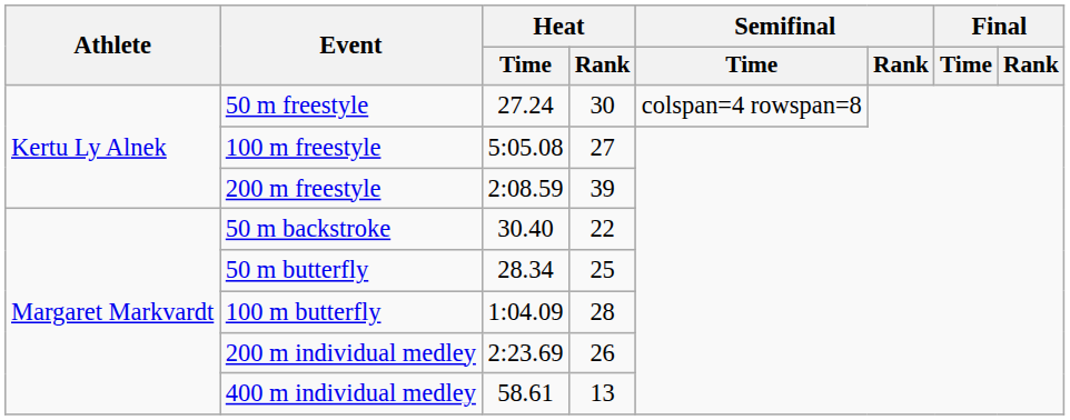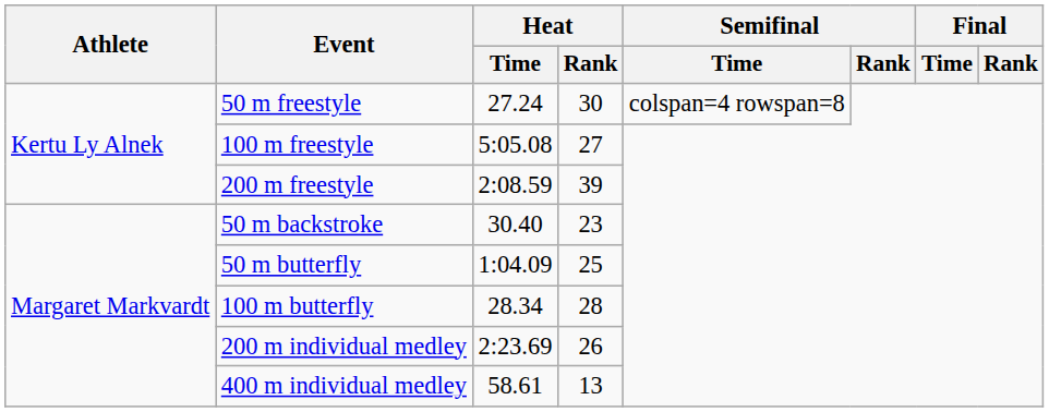 <table class=wikitable style="font-size:90%">
 <tr>
 <th rowspan="2">Athlete</th>
 <th rowspan="2">Event</th>
 <th colspan="2">Heat</th>
 <th colspan="2">Semifinal</th>
 <th colspan="2">Final</th>
 </tr>
 <tr style="font-size:95%">
 <th>Time</th>
 <th>Rank</th>
 <th>Time</th>
 <th>Rank</th>
 <th>Time</th>
 <th>Rank</th>
 </tr>
 <tr align=center>
 <td align=left rowspan=3><a href='#'>Kertu Ly Alnek</a></td>
 <td align=left><a href='#'>50 m freestyle</a></td>
 <td>27.24</td>
 <td>30</td>
 <td>colspan=4 rowspan=8 </td>
 </tr>
 <tr align=center>
 <td align=left><a href='#'>100 m freestyle</a></td>
 <td>5:05.08</td>
 <td>27</td>
 </tr>
 <tr align=center>
 <td align=left><a href='#'>200 m freestyle</a></td>
 <td>2:08.59</td>
 <td>39</td>
 </tr>
 <tr align=center>
 <td align=left rowspan=5><a href='#'>Margaret Markvardt</a></td>
 <td align=left><a href='#'>50 m backstroke</a></td>
 <td>30.40</td>
-<td>22</td>
+<td>23</td>
 </tr>
 <tr align=center>
 <td align=left><a href='#'>50 m butterfly</a></td>
-<td>28.34</td>
+<td>1:04.09</td>
 <td>25</td>
 </tr>
 <tr align=center>
 <td align=left><a href='#'>100 m butterfly</a></td>
-<td>1:04.09</td>
+<td>28.34</td>
 <td>28</td>
 </tr>
 <tr align=center>
 <td align=left><a href='#'>200 m individual medley</a></td>
 <td>2:23.69</td>
 <td>26</td>
 </tr>
 <tr align=center>
 <td align=left><a href='#'>400 m individual medley</a></td>
 <td>58.61</td>
 <td>13</td>
 </tr>
 </table>
